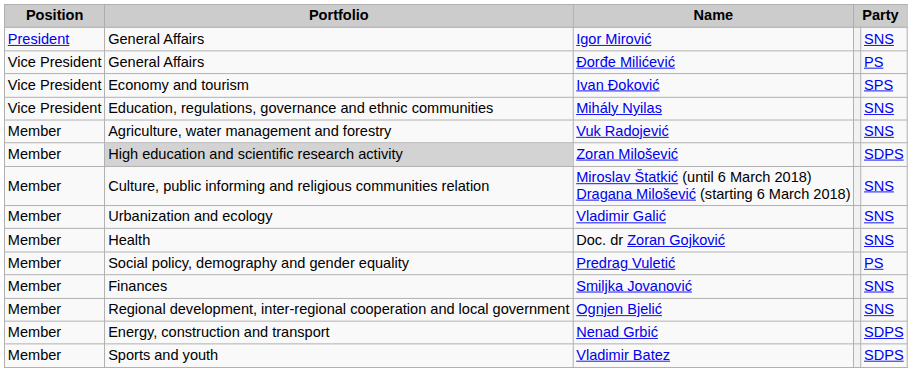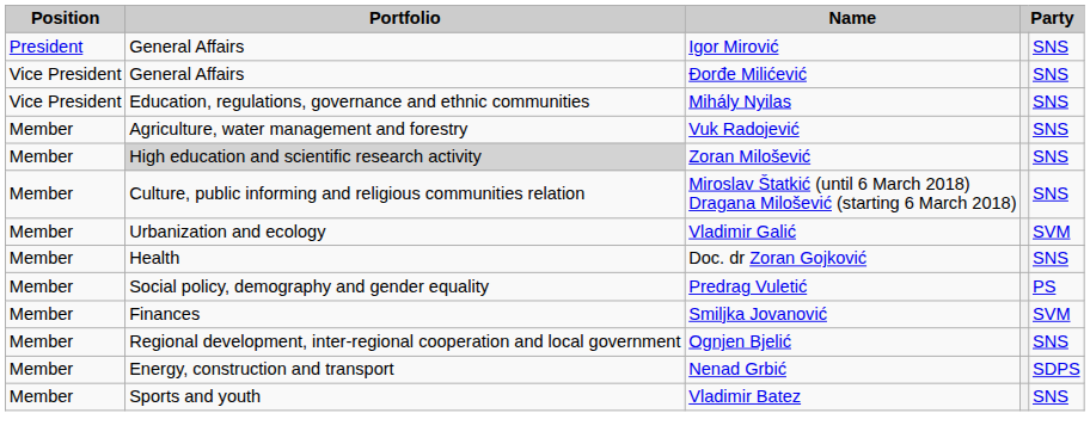 <table class="wikitable">
 <tr>
 <th colspan="1" style="background-color:#CCCCCC">Position</th>
 <th colspan="1" style="background-color:#CCCCCC">Portfolio</th>
 <th colspan="1" style="background-color:#CCCCCC">Name</th>
 <th colspan="2" style="background-color:#CCCCCC">Party</th>
 </tr>
 <tr>
 <td><a href='#'>President</a></td>
 <td>General Affairs</td>
 <td><a href='#'>Igor Mirović</a></td>
 <th style="background:"></th>
 <td><a href='#'>SNS</a></td>
 </tr>
 <tr>
 <td>Vice President</td>
 <td>General Affairs</td>
 <td><a href='#'>Đorđe Milićević</a></td>
 <th style="background:"></th>
-<td><a href='#'>PS</a><br></td>
-</tr>
-<tr>
-<td>Vice President</td>
-<td>Economy and tourism</td>
-<td><a href='#'>Ivan Đoković</a></td>
-<th style="background:"></th>
-<td><a href='#'>SPS</a></td>
+<td><a href='#'>SNS</a></td>
 </tr>
 <tr>
 <td>Vice President</td>
 <td>Education, regulations, governance and ethnic communities</td>
 <td><a href='#'>Mihály Nyilas</a></td>
 <th style="background:"></th>
 <td><a href='#'>SNS</a></td>
 </tr>
 <tr>
 <td>Member</td>
 <td>Agriculture, water management and forestry</td>
 <td><a href='#'>Vuk Radojević</a></td>
 <th style="background:"></th>
 <td><a href='#'>SNS</a></td>
 </tr>
 <tr>
 <td>Member</td>
 <td style="background: lightgrey;">High education and scientific research activity</td>
 <td><a href='#'>Zoran Milošević</a></td>
 <th style="background:"></th>
-<td><a href='#'>SDPS</a><br></td>
+<td><a href='#'>SNS</a></td>
 </tr>
 <tr>
 <td>Member</td>
 <td>Culture, public informing and religious communities relation</td>
 <td><a href='#'>Miroslav Štatkić</a> (until 6 March 2018)<br><a href='#'>Dragana Milošević</a> (starting 6 March 2018)</td>
 <th style="background:"></th>
 <td><a href='#'>SNS</a></td>
 </tr>
 <tr>
 <td>Member</td>
 <td>Urbanization and ecology</td>
 <td><a href='#'>Vladimir Galić</a></td>
 <th style="background:"></th>
-<td><a href='#'>SNS</a></td>
+<td><a href='#'>SVM</a></td>
 </tr>
 <tr>
 <td>Member</td>
 <td>Health</td>
 <td>Doc. dr <a href='#'>Zoran Gojković</a></td>
 <th style="background:"></th>
 <td><a href='#'>SNS</a></td>
 </tr>
 <tr>
 <td>Member</td>
 <td>Social policy, demography and gender equality</td>
 <td><a href='#'>Predrag Vuletić</a></td>
 <th style="background:"></th>
 <td><a href='#'>PS</a><br></td>
 </tr>
 <tr>
 <td>Member</td>
 <td>Finances</td>
 <td><a href='#'>Smiljka Jovanović</a></td>
 <th style="background:"></th>
-<td><a href='#'>SNS</a></td>
+<td><a href='#'>SVM</a></td>
 </tr>
 <tr>
 <td>Member</td>
 <td>Regional development, inter-regional cooperation and local government</td>
 <td><a href='#'>Ognjen Bjelić</a></td>
 <th style="background:"></th>
 <td><a href='#'>SNS</a></td>
 </tr>
 <tr>
 <td>Member</td>
 <td>Energy, construction and transport</td>
 <td><a href='#'>Nenad Grbić</a></td>
 <th style="background:"></th>
 <td><a href='#'>SDPS</a><br></td>
 </tr>
 <tr>
 <td>Member</td>
 <td>Sports and youth</td>
 <td><a href='#'>Vladimir Batez</a></td>
 <th style="background:"></th>
-<td><a href='#'>SDPS</a><br></td>
+<td><a href='#'>SNS</a></td>
 </tr>
 </table>
